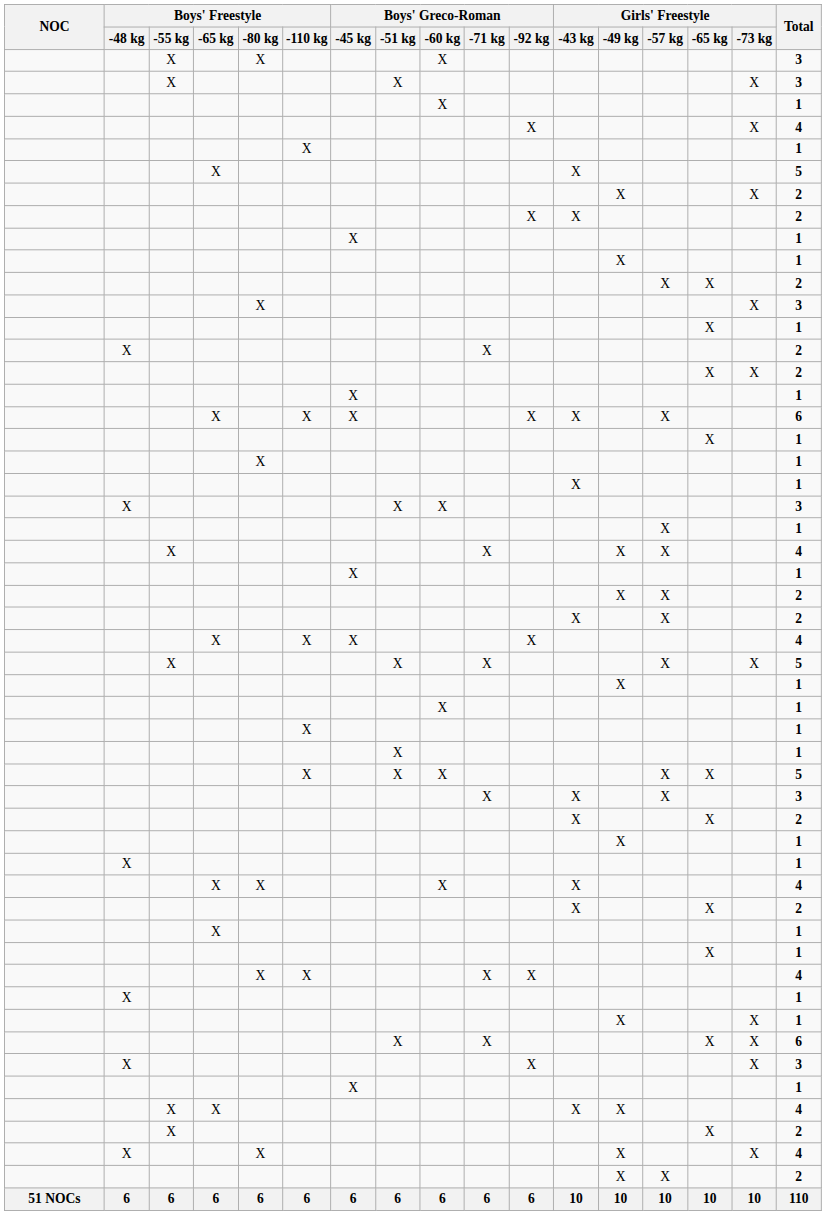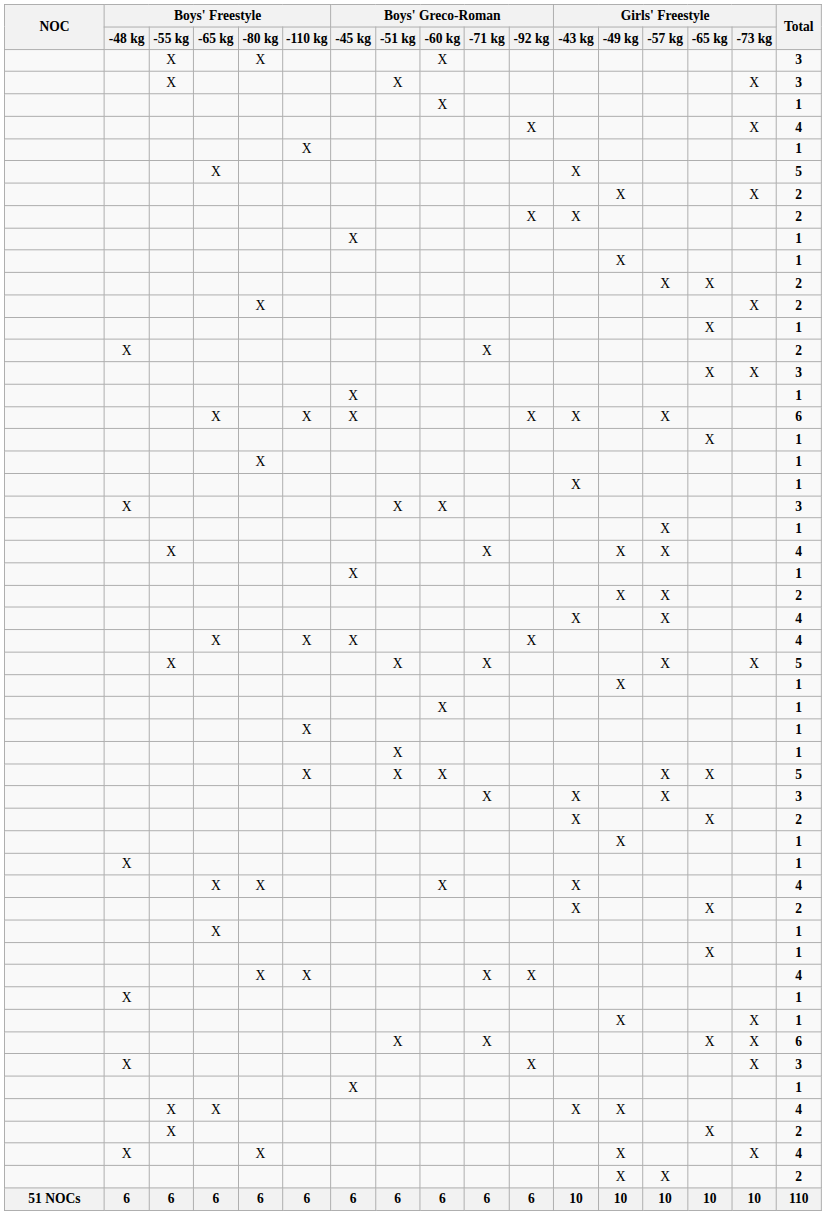 <table class="wikitable" style="text-align:center; font-size:90%">
 <tr>
 <th rowspan="2" width=200 align="left">NOC</th>
 <th colspan="5">Boys' Freestyle</th>
 <th colspan="5">Boys' Greco-Roman</th>
 <th colspan="5">Girls' Freestyle</th>
 <th width=55 rowspan="2">Total</th>
 </tr>
 <tr>
 <th width=45>-48 kg</th>
 <th width=45>-55 kg</th>
 <th width=45>-65 kg</th>
 <th width=45>-80 kg</th>
 <th width=45>-110 kg</th>
 <th width=45>-45 kg</th>
 <th width=45>-51 kg</th>
 <th width=45>-60 kg</th>
 <th width=45>-71 kg</th>
 <th width=45>-92 kg</th>
 <th width=45>-43 kg</th>
 <th width=45>-49 kg</th>
 <th width=45>-57 kg</th>
 <th width=45>-65 kg</th>
 <th width=45>-73 kg</th>
 </tr>
 <tr>
 <td align="left"></td>
 <td></td>
 <td>X</td>
 <td></td>
 <td>X</td>
 <td></td>
 <td></td>
 <td></td>
 <td>X</td>
 <td></td>
 <td></td>
 <td></td>
 <td></td>
 <td></td>
 <td></td>
 <td></td>
 <td><strong>3</strong></td>
 </tr>
 <tr>
 <td align="left"></td>
 <td></td>
 <td>X</td>
 <td></td>
 <td></td>
 <td></td>
 <td></td>
 <td>X</td>
 <td></td>
 <td></td>
 <td></td>
 <td></td>
 <td></td>
 <td></td>
 <td></td>
 <td>X</td>
 <td><strong>3</strong></td>
 </tr>
 <tr>
 <td align="left"></td>
 <td></td>
 <td></td>
 <td></td>
 <td></td>
 <td></td>
 <td></td>
 <td></td>
 <td>X</td>
 <td></td>
 <td></td>
 <td></td>
 <td></td>
 <td></td>
 <td></td>
 <td></td>
 <td><strong>1</strong></td>
 </tr>
 <tr>
 <td align="left"></td>
 <td></td>
 <td></td>
 <td></td>
 <td></td>
 <td></td>
 <td></td>
 <td></td>
 <td></td>
 <td></td>
 <td>X</td>
 <td></td>
 <td></td>
 <td></td>
 <td></td>
 <td>X</td>
 <td><strong>4</strong></td>
 </tr>
 <tr>
 <td align="left"></td>
 <td></td>
 <td></td>
 <td></td>
 <td></td>
 <td>X</td>
 <td></td>
 <td></td>
 <td></td>
 <td></td>
 <td></td>
 <td></td>
 <td></td>
 <td></td>
 <td></td>
 <td></td>
 <td><strong>1</strong></td>
 </tr>
 <tr>
 <td align="left"></td>
 <td></td>
 <td></td>
 <td>X</td>
 <td></td>
 <td></td>
 <td></td>
 <td></td>
 <td></td>
 <td></td>
 <td></td>
 <td>X</td>
 <td></td>
 <td></td>
 <td></td>
 <td></td>
 <td><strong>5</strong></td>
 </tr>
 <tr>
 <td align="left"></td>
 <td></td>
 <td></td>
 <td></td>
 <td></td>
 <td></td>
 <td></td>
 <td></td>
 <td></td>
 <td></td>
 <td></td>
 <td></td>
 <td>X</td>
 <td></td>
 <td></td>
 <td>X</td>
 <td><strong>2</strong></td>
 </tr>
 <tr>
 <td align="left"></td>
 <td></td>
 <td></td>
 <td></td>
 <td></td>
 <td></td>
 <td></td>
 <td></td>
 <td></td>
 <td></td>
 <td>X</td>
 <td>X</td>
 <td></td>
 <td></td>
 <td></td>
 <td></td>
 <td><strong>2</strong></td>
 </tr>
 <tr>
 <td align="left"></td>
 <td></td>
 <td></td>
 <td></td>
 <td></td>
 <td></td>
 <td>X</td>
 <td></td>
 <td></td>
 <td></td>
 <td></td>
 <td></td>
 <td></td>
 <td></td>
 <td></td>
 <td></td>
 <td><strong>1</strong></td>
 </tr>
 <tr>
 <td align="left"></td>
 <td></td>
 <td></td>
 <td></td>
 <td></td>
 <td></td>
 <td></td>
 <td></td>
 <td></td>
 <td></td>
 <td></td>
 <td></td>
 <td>X</td>
 <td></td>
 <td></td>
 <td></td>
 <td><strong>1</strong></td>
 </tr>
 <tr>
 <td align="left"></td>
 <td></td>
 <td></td>
 <td></td>
 <td></td>
 <td></td>
 <td></td>
 <td></td>
 <td></td>
 <td></td>
 <td></td>
 <td></td>
 <td></td>
 <td>X</td>
 <td>X</td>
 <td></td>
 <td><strong>2</strong></td>
 </tr>
 <tr>
 <td align="left"></td>
 <td></td>
 <td></td>
 <td></td>
 <td>X</td>
 <td></td>
 <td></td>
 <td></td>
 <td></td>
 <td></td>
 <td></td>
 <td></td>
 <td></td>
 <td></td>
 <td></td>
 <td>X</td>
-<td><strong>3</strong></td>
+<td><strong>2</strong></td>
 </tr>
 <tr>
 <td align="left"></td>
 <td></td>
 <td></td>
 <td></td>
 <td></td>
 <td></td>
 <td></td>
 <td></td>
 <td></td>
 <td></td>
 <td></td>
 <td></td>
 <td></td>
 <td></td>
 <td>X</td>
 <td></td>
 <td><strong>1</strong></td>
 </tr>
 <tr>
 <td align="left"></td>
 <td>X</td>
 <td></td>
 <td></td>
 <td></td>
 <td></td>
 <td></td>
 <td></td>
 <td></td>
 <td>X</td>
 <td></td>
 <td></td>
 <td></td>
 <td></td>
 <td></td>
 <td></td>
 <td><strong>2</strong></td>
 </tr>
 <tr>
 <td align="left"></td>
 <td></td>
 <td></td>
 <td></td>
 <td></td>
 <td></td>
 <td></td>
 <td></td>
 <td></td>
 <td></td>
 <td></td>
 <td></td>
 <td></td>
 <td></td>
 <td>X</td>
 <td>X</td>
-<td><strong>2</strong></td>
+<td><strong>3</strong></td>
 </tr>
 <tr>
 <td align="left"></td>
 <td></td>
 <td></td>
 <td></td>
 <td></td>
 <td></td>
 <td>X</td>
 <td></td>
 <td></td>
 <td></td>
 <td></td>
 <td></td>
 <td></td>
 <td></td>
 <td></td>
 <td></td>
 <td><strong>1</strong></td>
 </tr>
 <tr>
 <td align="left"></td>
 <td></td>
 <td></td>
 <td>X</td>
 <td></td>
 <td>X</td>
 <td>X</td>
 <td></td>
 <td></td>
 <td></td>
 <td>X</td>
 <td>X</td>
 <td></td>
 <td>X</td>
 <td></td>
 <td></td>
 <td><strong>6</strong></td>
 </tr>
 <tr>
 <td align="left"></td>
 <td></td>
 <td></td>
 <td></td>
 <td></td>
 <td></td>
 <td></td>
 <td></td>
 <td></td>
 <td></td>
 <td></td>
 <td></td>
 <td></td>
 <td></td>
 <td>X</td>
 <td></td>
 <td><strong>1</strong></td>
 </tr>
 <tr>
 <td align="left"></td>
 <td></td>
 <td></td>
 <td></td>
 <td>X</td>
 <td></td>
 <td></td>
 <td></td>
 <td></td>
 <td></td>
 <td></td>
 <td></td>
 <td></td>
 <td></td>
 <td></td>
 <td></td>
 <td><strong>1</strong></td>
 </tr>
 <tr>
 <td align="left"></td>
 <td></td>
 <td></td>
 <td></td>
 <td></td>
 <td></td>
 <td></td>
 <td></td>
 <td></td>
 <td></td>
 <td></td>
 <td>X</td>
 <td></td>
 <td></td>
 <td></td>
 <td></td>
 <td><strong>1</strong></td>
 </tr>
 <tr>
 <td align="left"></td>
 <td>X</td>
 <td></td>
 <td></td>
 <td></td>
 <td></td>
 <td></td>
 <td>X</td>
 <td>X</td>
 <td></td>
 <td></td>
 <td></td>
 <td></td>
 <td></td>
 <td></td>
 <td></td>
 <td><strong>3</strong></td>
 </tr>
 <tr>
 <td align="left"></td>
 <td></td>
 <td></td>
 <td></td>
 <td></td>
 <td></td>
 <td></td>
 <td></td>
 <td></td>
 <td></td>
 <td></td>
 <td></td>
 <td></td>
 <td>X</td>
 <td></td>
 <td></td>
 <td><strong>1</strong></td>
 </tr>
 <tr>
 <td align="left"></td>
 <td></td>
 <td>X</td>
 <td></td>
 <td></td>
 <td></td>
 <td></td>
 <td></td>
 <td></td>
 <td>X</td>
 <td></td>
 <td></td>
 <td>X</td>
 <td>X</td>
 <td></td>
 <td></td>
 <td><strong>4</strong></td>
 </tr>
 <tr>
 <td align="left"></td>
 <td></td>
 <td></td>
 <td></td>
 <td></td>
 <td></td>
 <td>X</td>
 <td></td>
 <td></td>
 <td></td>
 <td></td>
 <td></td>
 <td></td>
 <td></td>
 <td></td>
 <td></td>
 <td><strong>1</strong></td>
 </tr>
 <tr>
 <td align="left"></td>
 <td></td>
 <td></td>
 <td></td>
 <td></td>
 <td></td>
 <td></td>
 <td></td>
 <td></td>
 <td></td>
 <td></td>
 <td></td>
 <td>X</td>
 <td>X</td>
 <td></td>
 <td></td>
 <td><strong>2</strong></td>
 </tr>
 <tr>
 <td align="left"></td>
 <td></td>
 <td></td>
 <td></td>
 <td></td>
 <td></td>
 <td></td>
 <td></td>
 <td></td>
 <td></td>
 <td></td>
 <td>X</td>
 <td></td>
 <td>X</td>
 <td></td>
 <td></td>
-<td><strong>2</strong></td>
+<td><strong>4</strong></td>
 </tr>
 <tr>
 <td align="left"></td>
 <td></td>
 <td></td>
 <td>X</td>
 <td></td>
 <td>X</td>
 <td>X</td>
 <td></td>
 <td></td>
 <td></td>
 <td>X</td>
 <td></td>
 <td></td>
 <td></td>
 <td></td>
 <td></td>
 <td><strong>4</strong></td>
 </tr>
 <tr>
 <td align="left"></td>
 <td></td>
 <td>X</td>
 <td></td>
 <td></td>
 <td></td>
 <td></td>
 <td>X</td>
 <td></td>
 <td>X</td>
 <td></td>
 <td></td>
 <td></td>
 <td>X</td>
 <td></td>
 <td>X</td>
 <td><strong>5</strong></td>
 </tr>
 <tr>
 <td align="left"></td>
 <td></td>
 <td></td>
 <td></td>
 <td></td>
 <td></td>
 <td></td>
 <td></td>
 <td></td>
 <td></td>
 <td></td>
 <td></td>
 <td>X</td>
 <td></td>
 <td></td>
 <td></td>
 <td><strong>1</strong></td>
 </tr>
 <tr>
 <td align="left"></td>
 <td></td>
 <td></td>
 <td></td>
 <td></td>
 <td></td>
 <td></td>
 <td></td>
 <td>X</td>
 <td></td>
 <td></td>
 <td></td>
 <td></td>
 <td></td>
 <td></td>
 <td></td>
 <td><strong>1</strong></td>
 </tr>
 <tr>
 <td align="left"></td>
 <td></td>
 <td></td>
 <td></td>
 <td></td>
 <td>X</td>
 <td></td>
 <td></td>
 <td></td>
 <td></td>
 <td></td>
 <td></td>
 <td></td>
 <td></td>
 <td></td>
 <td></td>
 <td><strong>1</strong></td>
 </tr>
 <tr>
 <td align="left"></td>
 <td></td>
 <td></td>
 <td></td>
 <td></td>
 <td></td>
 <td></td>
 <td>X</td>
 <td></td>
 <td></td>
 <td></td>
 <td></td>
 <td></td>
 <td></td>
 <td></td>
 <td></td>
 <td><strong>1</strong></td>
 </tr>
 <tr>
 <td align="left"></td>
 <td></td>
 <td></td>
 <td></td>
 <td></td>
 <td>X</td>
 <td></td>
 <td>X</td>
 <td>X</td>
 <td></td>
 <td></td>
 <td></td>
 <td></td>
 <td>X</td>
 <td>X</td>
 <td></td>
 <td><strong>5</strong></td>
 </tr>
 <tr>
 <td align="left"></td>
 <td></td>
 <td></td>
 <td></td>
 <td></td>
 <td></td>
 <td></td>
 <td></td>
 <td></td>
 <td>X</td>
 <td></td>
 <td>X</td>
 <td></td>
 <td>X</td>
 <td></td>
 <td></td>
 <td><strong>3</strong></td>
 </tr>
 <tr>
 <td align="left"></td>
 <td></td>
 <td></td>
 <td></td>
 <td></td>
 <td></td>
 <td></td>
 <td></td>
 <td></td>
 <td></td>
 <td></td>
 <td>X</td>
 <td></td>
 <td></td>
 <td>X</td>
 <td></td>
 <td><strong>2</strong></td>
 </tr>
 <tr>
 <td align="left"></td>
 <td></td>
 <td></td>
 <td></td>
 <td></td>
 <td></td>
 <td></td>
 <td></td>
 <td></td>
 <td></td>
 <td></td>
 <td></td>
 <td>X</td>
 <td></td>
 <td></td>
 <td></td>
 <td><strong>1</strong></td>
 </tr>
 <tr>
 <td align="left"></td>
 <td>X</td>
 <td></td>
 <td></td>
 <td></td>
 <td></td>
 <td></td>
 <td></td>
 <td></td>
 <td></td>
 <td></td>
 <td></td>
 <td></td>
 <td></td>
 <td></td>
 <td></td>
 <td><strong>1</strong></td>
 </tr>
 <tr>
 <td align="left"></td>
 <td></td>
 <td></td>
 <td>X</td>
 <td>X</td>
 <td></td>
 <td></td>
 <td></td>
 <td>X</td>
 <td></td>
 <td></td>
 <td>X</td>
 <td></td>
 <td></td>
 <td></td>
 <td></td>
 <td><strong>4</strong></td>
 </tr>
 <tr>
 <td align="left"></td>
 <td></td>
 <td></td>
 <td></td>
 <td></td>
 <td></td>
 <td></td>
 <td></td>
 <td></td>
 <td></td>
 <td></td>
 <td>X</td>
 <td></td>
 <td></td>
 <td>X</td>
 <td></td>
 <td><strong>2</strong></td>
 </tr>
 <tr>
 <td align="left"></td>
 <td></td>
 <td></td>
 <td>X</td>
 <td></td>
 <td></td>
 <td></td>
 <td></td>
 <td></td>
 <td></td>
 <td></td>
 <td></td>
 <td></td>
 <td></td>
 <td></td>
 <td></td>
 <td><strong>1</strong></td>
 </tr>
 <tr>
 <td align="left"></td>
 <td></td>
 <td></td>
 <td></td>
 <td></td>
 <td></td>
 <td></td>
 <td></td>
 <td></td>
 <td></td>
 <td></td>
 <td></td>
 <td></td>
 <td></td>
 <td>X</td>
 <td></td>
 <td><strong>1</strong></td>
 </tr>
 <tr>
 <td align="left"></td>
 <td></td>
 <td></td>
 <td></td>
 <td>X</td>
 <td>X</td>
 <td></td>
 <td></td>
 <td></td>
 <td>X</td>
 <td>X</td>
 <td></td>
 <td></td>
 <td></td>
 <td></td>
 <td></td>
 <td><strong>4</strong></td>
 </tr>
 <tr>
 <td align="left"></td>
 <td>X</td>
 <td></td>
 <td></td>
 <td></td>
 <td></td>
 <td></td>
 <td></td>
 <td></td>
 <td></td>
 <td></td>
 <td></td>
 <td></td>
 <td></td>
 <td></td>
 <td></td>
 <td><strong>1</strong></td>
 </tr>
 <tr>
 <td align="left"></td>
 <td></td>
 <td></td>
 <td></td>
 <td></td>
 <td></td>
 <td></td>
 <td></td>
 <td></td>
 <td></td>
 <td></td>
 <td></td>
 <td>X</td>
 <td></td>
 <td></td>
 <td>X</td>
 <td><strong>1</strong></td>
 </tr>
 <tr>
 <td align="left"></td>
 <td></td>
 <td></td>
 <td></td>
 <td></td>
 <td></td>
 <td></td>
 <td>X</td>
 <td></td>
 <td>X</td>
 <td></td>
 <td></td>
 <td></td>
 <td></td>
 <td>X</td>
 <td>X</td>
 <td><strong>6</strong></td>
 </tr>
 <tr>
 <td align="left"></td>
 <td>X</td>
 <td></td>
 <td></td>
 <td></td>
 <td></td>
 <td></td>
 <td></td>
 <td></td>
 <td></td>
 <td>X</td>
 <td></td>
 <td></td>
 <td></td>
 <td></td>
 <td>X</td>
 <td><strong>3</strong></td>
 </tr>
 <tr>
 <td align="left"></td>
 <td></td>
 <td></td>
 <td></td>
 <td></td>
 <td></td>
 <td>X</td>
 <td></td>
 <td></td>
 <td></td>
 <td></td>
 <td></td>
 <td></td>
 <td></td>
 <td></td>
 <td></td>
 <td><strong>1</strong></td>
 </tr>
 <tr>
 <td align="left"></td>
 <td></td>
 <td>X</td>
 <td>X</td>
 <td></td>
 <td></td>
 <td></td>
 <td></td>
 <td></td>
 <td></td>
 <td></td>
 <td>X</td>
 <td>X</td>
 <td></td>
 <td></td>
 <td></td>
 <td><strong>4</strong></td>
 </tr>
 <tr>
 <td align="left"></td>
 <td></td>
 <td>X</td>
 <td></td>
 <td></td>
 <td></td>
 <td></td>
 <td></td>
 <td></td>
 <td></td>
 <td></td>
 <td></td>
 <td></td>
 <td></td>
 <td>X</td>
 <td></td>
 <td><strong>2</strong></td>
 </tr>
 <tr>
 <td align="left"></td>
 <td>X</td>
 <td></td>
 <td></td>
 <td>X</td>
 <td></td>
 <td></td>
 <td></td>
 <td></td>
 <td></td>
 <td></td>
 <td></td>
 <td>X</td>
 <td></td>
 <td></td>
 <td>X</td>
 <td><strong>4</strong></td>
 </tr>
 <tr>
 <td align="left"></td>
 <td></td>
 <td></td>
 <td></td>
 <td></td>
 <td></td>
 <td></td>
 <td></td>
 <td></td>
 <td></td>
 <td></td>
 <td></td>
 <td>X</td>
 <td>X</td>
 <td></td>
 <td></td>
 <td><strong>2</strong></td>
 </tr>
 <tr>
 <th>51 NOCs</th>
 <th>6</th>
 <th>6</th>
 <th>6</th>
 <th>6</th>
 <th>6</th>
 <th>6</th>
 <th>6</th>
 <th>6</th>
 <th>6</th>
 <th>6</th>
 <th>10</th>
 <th>10</th>
 <th>10</th>
 <th>10</th>
 <th>10</th>
 <th>110</th>
 </tr>
 </table>
